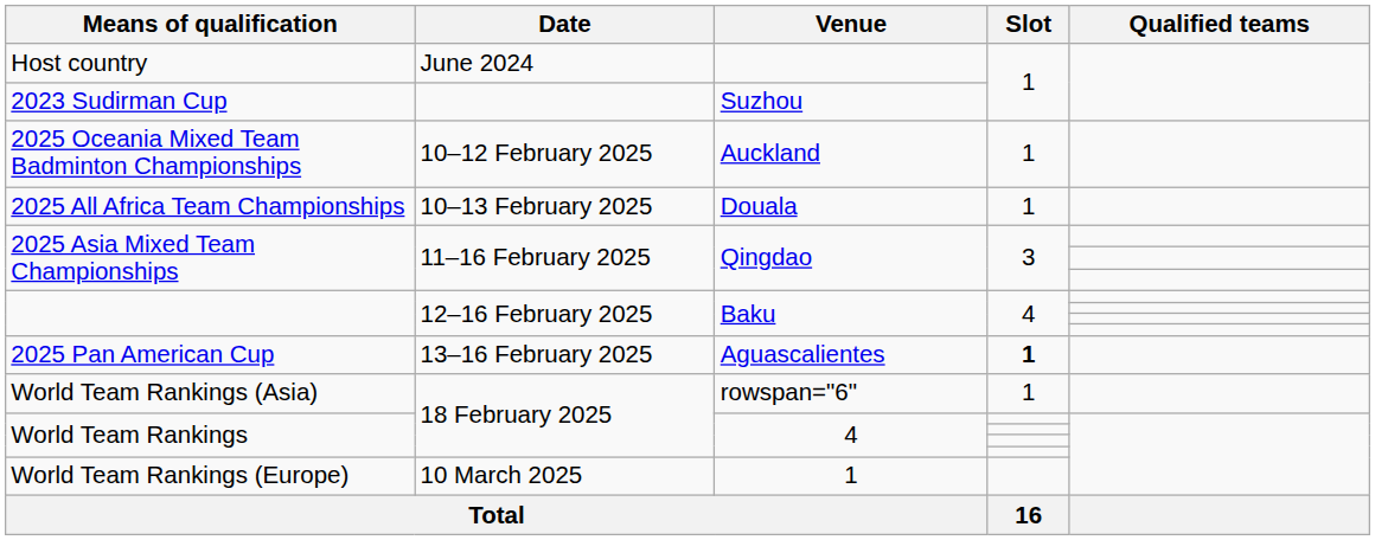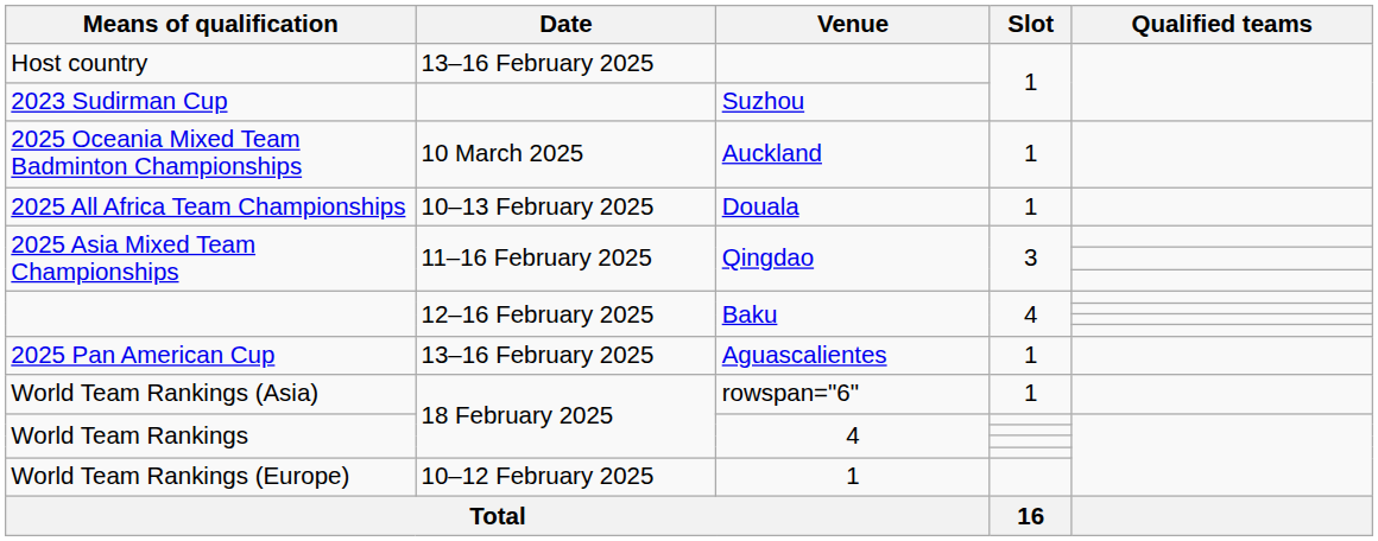 <table class="wikitable" width="900">
 <tr>
 <th width="30%">Means of qualification</th>
 <th width="22%">Date</th>
 <th width="20%">Venue</th>
 <th width="6%">Slot</th>
 <th width="22%">Qualified teams</th>
 </tr>
 <tr>
 <td>Host country</td>
-<td>June 2024</td>
+<td>13–16 February 2025</td>
 <td></td>
 <td rowspan="2" align="center">1</td>
 <td rowspan="2"></td>
 </tr>
 <tr>
 <td><a href='#'>2023 Sudirman Cup</a></td>
 <td></td>
 <td><a href='#'>Suzhou</a></td>
 </tr>
 <tr>
 <td><a href='#'>2025 Oceania Mixed Team Badminton Championships</a></td>
-<td>10–12 February 2025</td>
+<td rowspan="1">10 March 2025</td>
 <td><a href='#'>Auckland</a></td>
 <td align="center">1</td>
 <td></td>
 </tr>
 <tr>
 <td><a href='#'>2025 All Africa Team Championships</a></td>
 <td>10–13 February 2025</td>
 <td><a href='#'>Douala</a></td>
 <td align="center">1</td>
 <td></td>
 </tr>
 <tr>
 <td rowspan="3"><a href='#'>2025 Asia Mixed Team Championships</a></td>
 <td rowspan="3">11–16 February 2025</td>
 <td rowspan="3"><a href='#'>Qingdao</a></td>
 <td align="center" rowspan="3">3</td>
 <td></td>
 </tr>
 <tr>
 <td></td>
 </tr>
 <tr>
 <td></td>
 </tr>
 <tr>
 <td rowspan="4"></td>
 <td rowspan="4">12–16 February 2025</td>
 <td rowspan="4"><a href='#'>Baku</a></td>
 <td align="center" rowspan="4">4</td>
 <td></td>
 </tr>
 <tr>
 <td></td>
 </tr>
 <tr>
 <td></td>
 </tr>
 <tr>
 <td><s></s></td>
 </tr>
 <tr>
 <td><a href='#'>2025 Pan American Cup</a></td>
 <td>13–16 February 2025</td>
 <td><a href='#'>Aguascalientes</a></td>
-<td align="center"><strong>1</strong></td>
+<td align="center">1</td>
 <td></td>
 </tr>
 <tr>
 <td>World Team Rankings (Asia)</td>
 <td rowspan="5">18 February 2025</td>
 <td>rowspan="6" </td>
 <td align="center">1</td>
 <td></td>
 </tr>
 <tr>
 <td rowspan="4">World Team Rankings</td>
 <td align="center" rowspan="4">4</td>
 <td></td>
 </tr>
 <tr>
 <td></td>
 </tr>
 <tr>
 <td></td>
 </tr>
 <tr>
 <td></td>
 </tr>
 <tr>
 <td>World Team Rankings (Europe)</td>
-<td rowspan="1">10 March 2025</td>
+<td>10–12 February 2025</td>
 <td align="center">1</td>
 <td></td>
 </tr>
 <tr>
 <th colspan="3">Total</th>
 <th>16</th>
 <th></th>
 </tr>
 </table>
